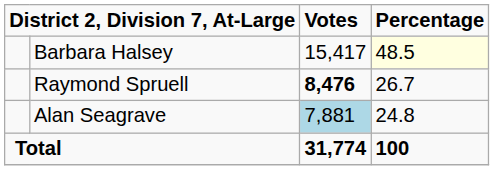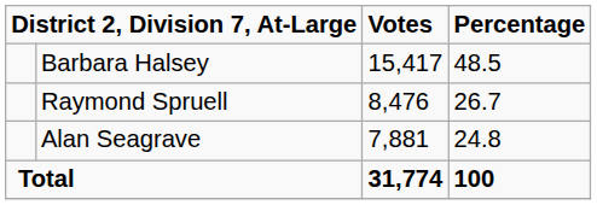 <table class="wikitable">
 <tr>
 <td colspan="2" rowspan="1" align="center" valign="top"><strong>District 2, Division 7, At-Large</strong></td>
 <td style="vertical-align:top;"><strong>Votes</strong><br></td>
 <td style="vertical-align:top;"><strong>Percentage</strong><br></td>
 </tr>
 <tr>
 <td style="background-color:"> </td>
 <td>Barbara Halsey</td>
 <td>15,417</td>
-<td style="background: lightyellow;">48.5</td>
+<td>48.5</td>
 </tr>
 <tr>
 <td style="background-color:"> </td>
 <td>Raymond Spruell</td>
-<td><strong>8,476</strong></td>
+<td>8,476</td>
 <td>26.7</td>
 </tr>
 <tr>
 <td style="background-color:"> </td>
 <td>Alan Seagrave</td>
-<td style="background: lightblue;">7,881</td>
+<td>7,881</td>
 <td>24.8</td>
 </tr>
 <tr>
 <td colspan="2" rowspan="1"> <strong>Total</strong><br></td>
 <td><strong>31,774</strong></td>
 <td><strong>100</strong></td>
 </tr>
 <tr>
 </tr>
 </table>
